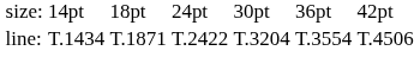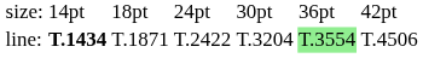 <table style="margin-left:40px;">
 <tr>
 <td>size:</td>
 <td>14pt</td>
 <td>18pt</td>
 <td>24pt</td>
 <td>30pt</td>
 <td>36pt</td>
 <td>42pt</td>
 </tr>
 <tr>
 <td>line:</td>
-<td>T.1434</td>
+<td><strong>T.1434</strong></td>
 <td>T.1871</td>
 <td>T.2422</td>
 <td>T.3204</td>
-<td>T.3554</td>
+<td style="background: lightgreen;">T.3554</td>
 <td>T.4506</td>
 </tr>
 </table>
